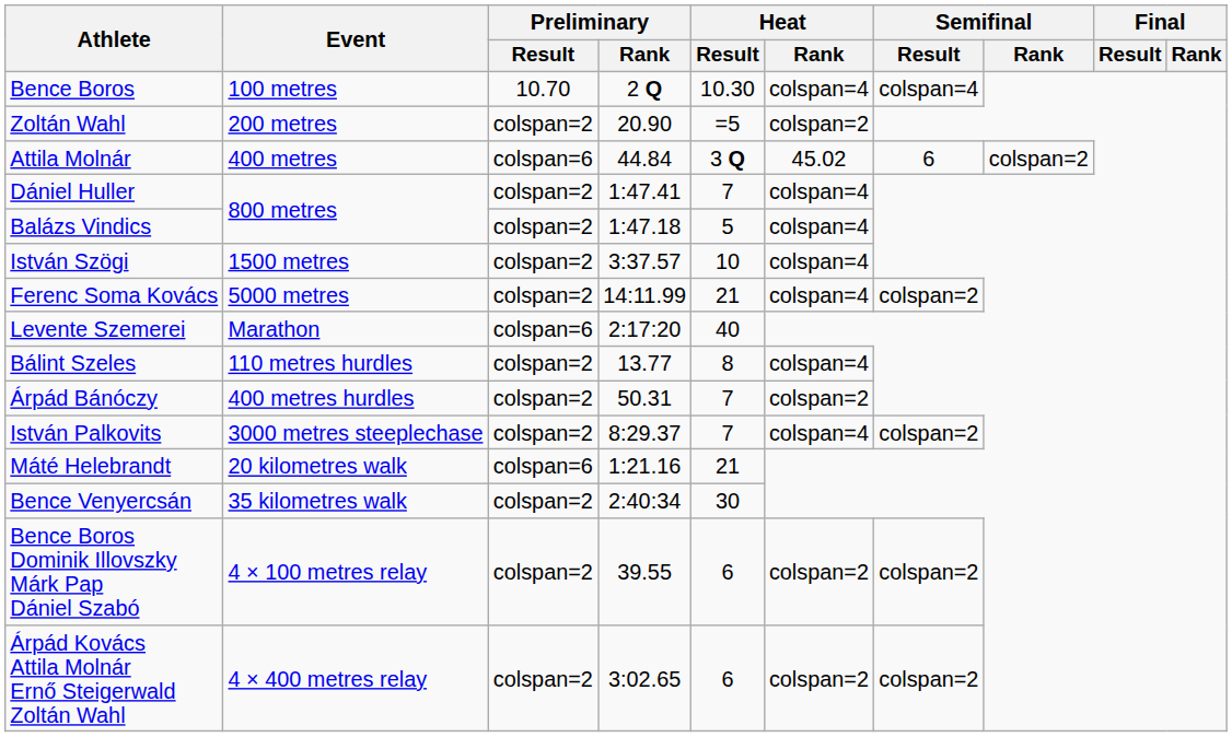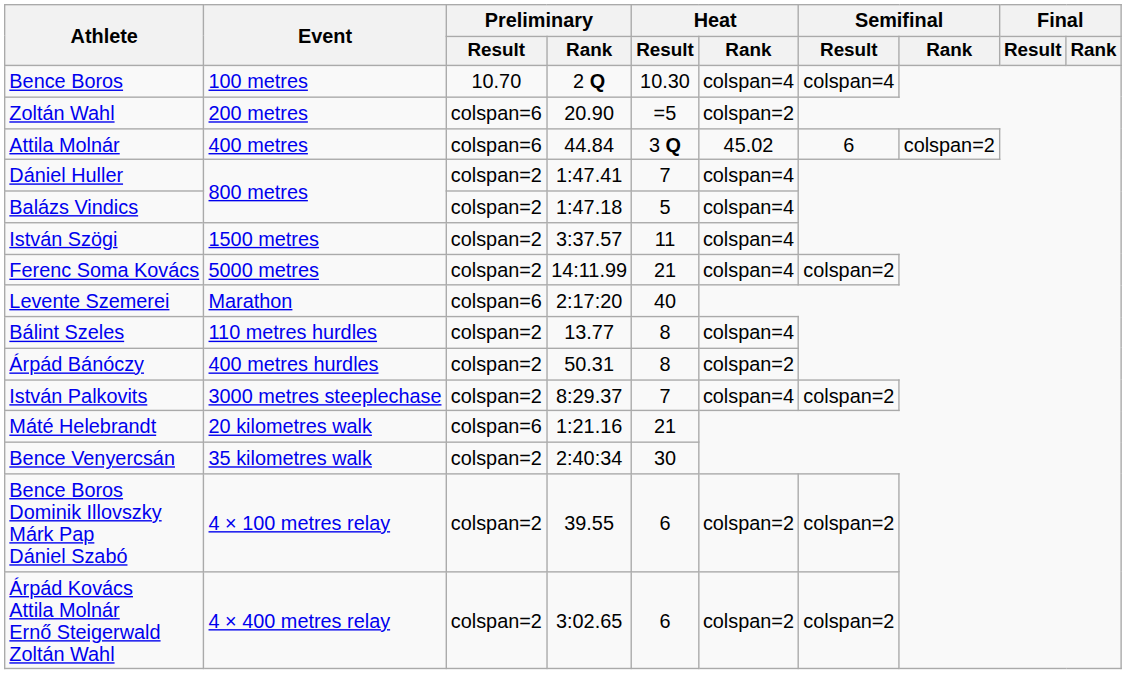 <table class="wikitable" style="font-size:90%">
 <tr>
 <th rowspan="2">Athlete</th>
 <th rowspan="2">Event</th>
 <th colspan="2">Preliminary</th>
 <th colspan="2">Heat</th>
 <th colspan="2">Semifinal</th>
 <th colspan="2">Final</th>
 </tr>
 <tr style="font-size:95%">
 <th>Result</th>
 <th>Rank</th>
 <th>Result</th>
 <th>Rank</th>
 <th>Result</th>
 <th>Rank</th>
 <th>Result</th>
 <th>Rank</th>
 </tr>
 <tr align=center>
 <td align=left><a href='#'>Bence Boros</a></td>
 <td align=left><a href='#'>100 metres</a></td>
 <td>10.70</td>
 <td>2 <strong>Q</strong></td>
 <td>10.30</td>
 <td>colspan=4 </td>
 <td>colspan=4 </td>
 </tr>
 <tr align=center>
 <td align=left><a href='#'>Zoltán Wahl</a></td>
 <td align=left><a href='#'>200 metres</a></td>
-<td>colspan=2</td>
+<td>colspan=6</td>
 <td>20.90 </td>
 <td>=5</td>
 <td>colspan=2</td>
 </tr>
 <tr align=center>
 <td align=left><a href='#'>Attila Molnár</a></td>
 <td align=left><a href='#'>400 metres</a></td>
 <td>colspan=6</td>
 <td>44.84 </td>
 <td>3 <strong>Q</strong></td>
 <td>45.02</td>
 <td>6</td>
 <td>colspan=2 </td>
 </tr>
 <tr align=center>
 <td align=left><a href='#'>Dániel Huller</a></td>
 <td align=left rowspan=2><a href='#'>800 metres</a></td>
 <td>colspan=2</td>
 <td>1:47.41</td>
 <td>7</td>
 <td>colspan=4 </td>
 </tr>
 <tr align=center>
 <td align=left><a href='#'>Balázs Vindics</a></td>
 <td>colspan=2</td>
 <td>1:47.18</td>
 <td>5</td>
 <td>colspan=4 </td>
 </tr>
 <tr align=center>
 <td align=left><a href='#'>István Szögi</a></td>
 <td align=left><a href='#'>1500 metres</a></td>
 <td>colspan=2</td>
 <td>3:37.57</td>
-<td>10</td>
+<td>11</td>
 <td>colspan=4 </td>
 </tr>
 <tr align=center>
 <td align=left><a href='#'>Ferenc Soma Kovács</a></td>
 <td align=left><a href='#'>5000 metres</a></td>
 <td>colspan=2</td>
 <td>14:11.99</td>
 <td>21</td>
 <td>colspan=4 </td>
 <td>colspan=2 </td>
 </tr>
 <tr align=center>
 <td align=left><a href='#'>Levente Szemerei</a></td>
 <td align=left><a href='#'>Marathon</a></td>
 <td>colspan=6</td>
 <td>2:17:20</td>
 <td>40</td>
 </tr>
 <tr align=center>
 <td align=left><a href='#'>Bálint Szeles</a></td>
 <td align=left><a href='#'>110 metres hurdles</a></td>
 <td>colspan=2</td>
 <td>13.77</td>
 <td>8</td>
 <td>colspan=4 </td>
 </tr>
 <tr align=center>
 <td align=left><a href='#'>Árpád Bánóczy</a></td>
 <td align=left><a href='#'>400 metres hurdles</a></td>
 <td>colspan=2</td>
 <td>50.31 </td>
-<td>7</td>
+<td>8</td>
 <td>colspan=2</td>
 </tr>
 <tr align=center>
 <td align=left><a href='#'>István Palkovits</a></td>
 <td align=left><a href='#'>3000 metres steeplechase</a></td>
 <td>colspan=2</td>
 <td>8:29.37</td>
 <td>7</td>
 <td>colspan=4 </td>
 <td>colspan=2 </td>
 </tr>
 <tr align=center>
 <td align=left><a href='#'>Máté Helebrandt</a></td>
 <td align=left><a href='#'>20 kilometres walk</a></td>
 <td>colspan=6</td>
 <td>1:21.16 </td>
 <td>21</td>
 </tr>
 <tr align=center>
 <td align=left><a href='#'>Bence Venyercsán</a></td>
 <td align=left><a href='#'>35 kilometres walk</a></td>
 <td>colspan=2</td>
 <td>2:40:34</td>
 <td>30</td>
 </tr>
 <tr align=center>
 <td align=left><a href='#'>Bence Boros</a><br><a href='#'>Dominik Illovszky</a><br><a href='#'>Márk Pap</a><br><a href='#'>Dániel Szabó</a></td>
 <td align=left><a href='#'>4 × 100 metres relay</a></td>
 <td>colspan=2</td>
 <td>39.55</td>
 <td>6</td>
 <td>colspan=2</td>
 <td>colspan=2 </td>
 </tr>
 <tr align=center>
 <td align=left><a href='#'>Árpád Kovács</a><br><a href='#'>Attila Molnár</a><br><a href='#'>Ernő Steigerwald</a><br><a href='#'>Zoltán Wahl</a></td>
 <td align=left><a href='#'>4 × 400 metres relay</a></td>
 <td>colspan=2</td>
 <td>3:02.65</td>
 <td>6</td>
 <td>colspan=2</td>
 <td>colspan=2 </td>
 </tr>
 </table>
